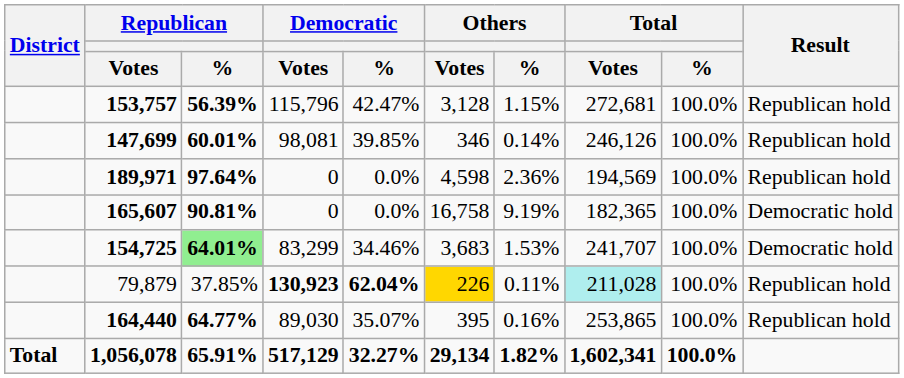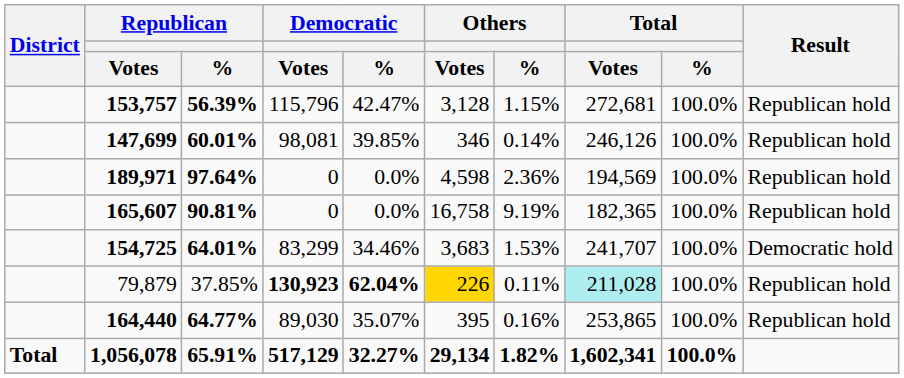 <table class="wikitable plainrowheaders sortable" style="font-size:90%; text-align:right;">
 <tr>
 <th scope=col rowspan=3><a href='#'>District</a></th>
 <th scope=col colspan=2><a href='#'>Republican</a></th>
 <th scope=col colspan=2><a href='#'>Democratic</a></th>
 <th scope=col colspan=2>Others</th>
 <th scope=col colspan=2>Total</th>
 <th scope=col rowspan=3>Result</th>
 </tr>
 <tr>
 <th scope=col colspan=2 style="background:"></th>
 <th scope=col colspan=2 style="background:"></th>
 <th scope=col colspan=2></th>
 <th scope=col colspan=2></th>
 </tr>
 <tr>
 <th scope=col data-sort-type="number">Votes</th>
 <th scope=col data-sort-type="number">%</th>
 <th scope=col data-sort-type="number">Votes</th>
 <th scope=col data-sort-type="number">%</th>
 <th scope=col data-sort-type="number">Votes</th>
 <th scope=col data-sort-type="number">%</th>
 <th scope=col data-sort-type="number">Votes</th>
 <th scope=col data-sort-type="number">%</th>
 </tr>
 <tr>
 <td align=left></td>
 <td><strong>153,757</strong></td>
 <td><strong>56.39%</strong></td>
 <td>115,796</td>
 <td>42.47%</td>
 <td>3,128</td>
 <td>1.15%</td>
 <td>272,681</td>
 <td>100.0%</td>
 <td align=left>Republican hold</td>
 </tr>
 <tr>
 <td align=left></td>
 <td><strong>147,699</strong></td>
 <td><strong>60.01%</strong></td>
 <td>98,081</td>
 <td>39.85%</td>
 <td>346</td>
 <td>0.14%</td>
 <td>246,126</td>
 <td>100.0%</td>
 <td align=left>Republican hold</td>
 </tr>
 <tr>
 <td align=left></td>
 <td><strong>189,971</strong></td>
 <td><strong>97.64%</strong></td>
 <td>0</td>
 <td>0.0%</td>
 <td>4,598</td>
 <td>2.36%</td>
 <td>194,569</td>
 <td>100.0%</td>
 <td align=left>Republican hold</td>
 </tr>
 <tr>
 <td align=left></td>
 <td><strong>165,607</strong></td>
 <td><strong>90.81%</strong></td>
 <td>0</td>
 <td>0.0%</td>
 <td>16,758</td>
 <td>9.19%</td>
 <td>182,365</td>
 <td>100.0%</td>
-<td align=left>Democratic hold</td>
+<td align=left>Republican hold</td>
 </tr>
 <tr>
 <td align=left></td>
 <td><strong>154,725</strong></td>
-<td style="background: lightgreen;"><strong>64.01%</strong></td>
+<td><strong>64.01%</strong></td>
 <td>83,299</td>
 <td>34.46%</td>
 <td>3,683</td>
 <td>1.53%</td>
 <td>241,707</td>
 <td>100.0%</td>
 <td align=left>Democratic hold</td>
 </tr>
 <tr>
 <td align=left></td>
 <td>79,879</td>
 <td>37.85%</td>
 <td><strong>130,923</strong></td>
 <td><strong>62.04%</strong></td>
 <td style="background: gold;">226</td>
 <td>0.11%</td>
 <td style="background: paleturquoise;">211,028</td>
 <td>100.0%</td>
 <td align=left>Republican hold</td>
 </tr>
 <tr>
 <td align=left></td>
 <td><strong>164,440</strong></td>
 <td><strong>64.77%</strong></td>
 <td>89,030</td>
 <td>35.07%</td>
 <td>395</td>
 <td>0.16%</td>
 <td>253,865</td>
 <td>100.0%</td>
 <td align=left>Republican hold</td>
 </tr>
 <tr class="sortbottom" style="font-weight:bold">
 <td align=left>Total</td>
 <td>1,056,078</td>
 <td>65.91%</td>
 <td>517,129</td>
 <td>32.27%</td>
 <td>29,134</td>
 <td>1.82%</td>
 <td>1,602,341</td>
 <td>100.0%</td>
 <td></td>
 </tr>
 </table>
